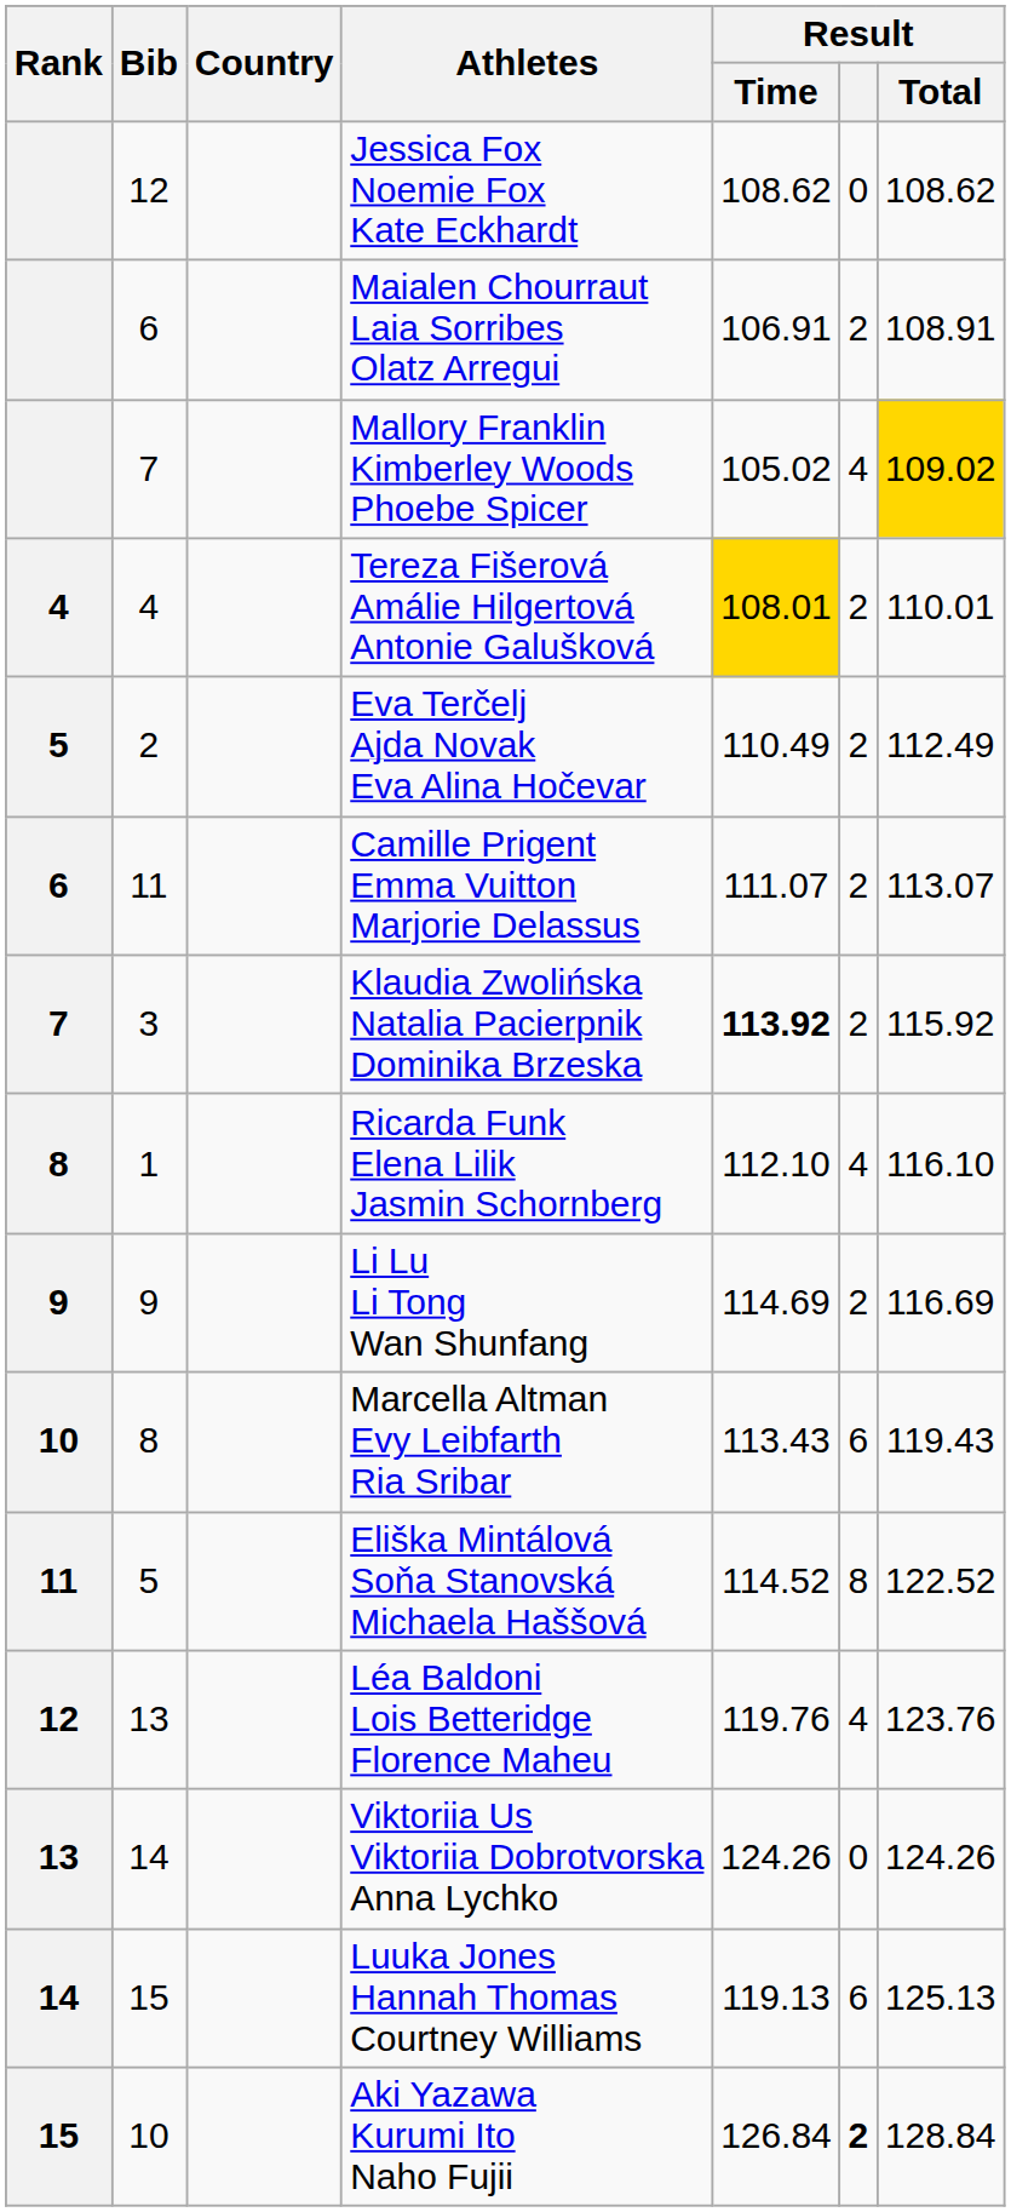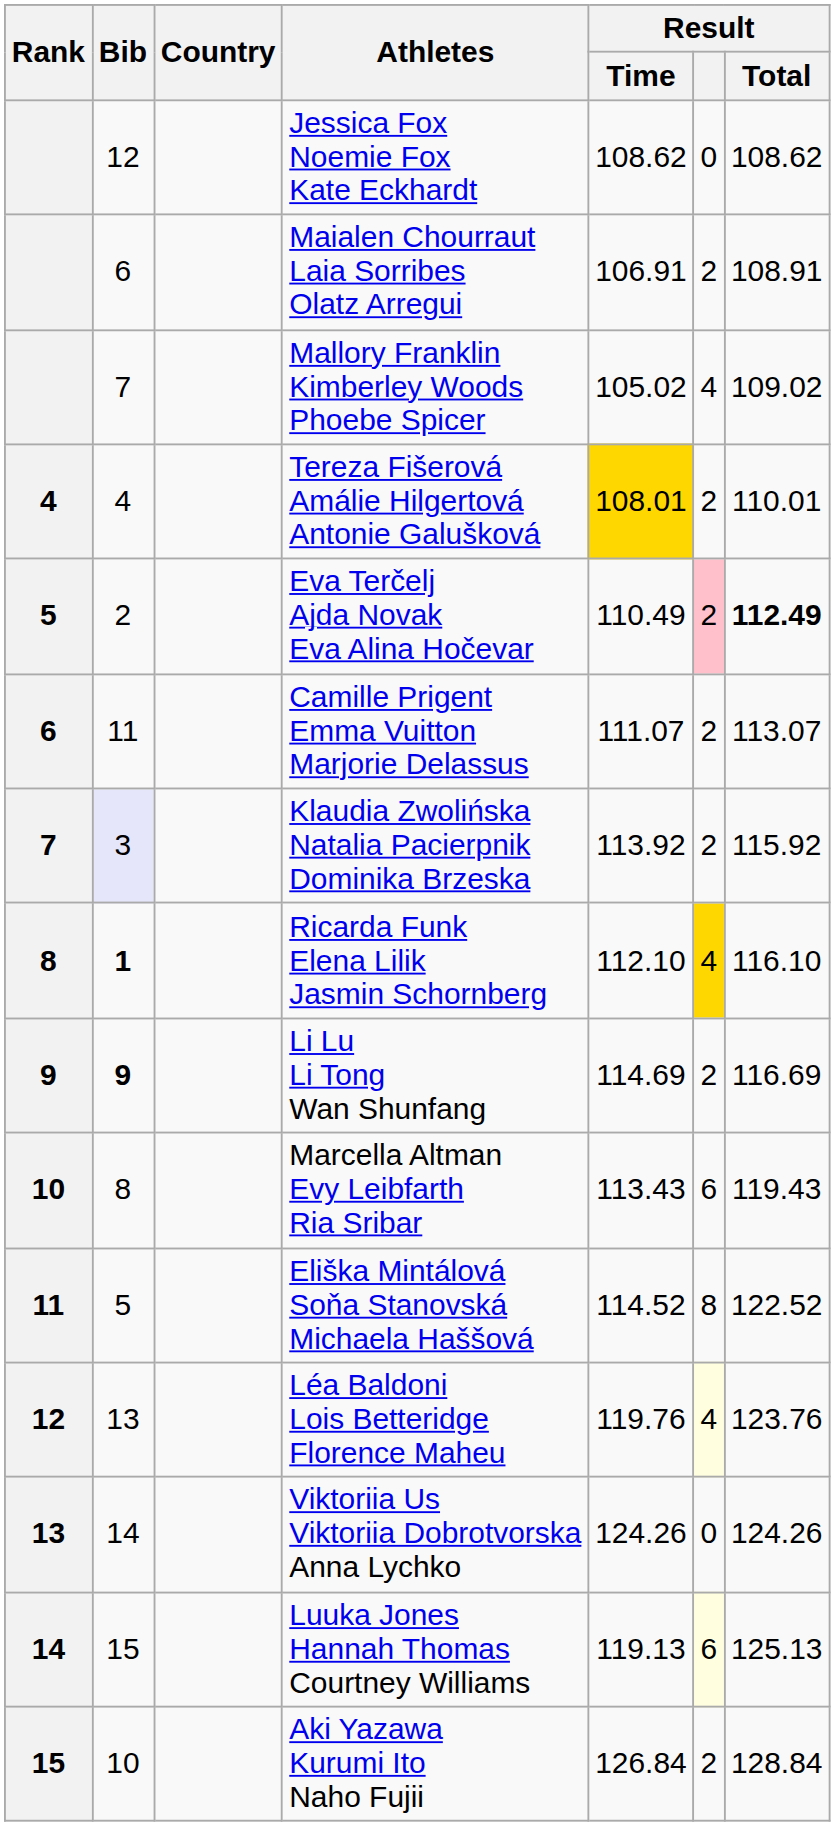 <table class="wikitable" style="text-align:center">
 <tr>
 <th rowspan=2>Rank</th>
 <th rowspan=2>Bib</th>
 <th rowspan=2>Country</th>
 <th rowspan=2>Athletes</th>
 <th colspan=3>Result</th>
 </tr>
 <tr>
 <th>Time</th>
 <th></th>
 <th>Total</th>
 </tr>
 <tr>
 <th></th>
 <td>12</td>
 <td align=left></td>
 <td align=left><a href='#'>Jessica Fox</a><br><a href='#'>Noemie Fox</a><br><a href='#'>Kate Eckhardt</a></td>
 <td>108.62</td>
 <td>0</td>
 <td>108.62</td>
 </tr>
 <tr>
 <th></th>
 <td>6</td>
 <td align=left></td>
 <td align=left><a href='#'>Maialen Chourraut</a><br><a href='#'>Laia Sorribes</a><br><a href='#'>Olatz Arregui</a></td>
 <td>106.91</td>
 <td>2</td>
 <td>108.91</td>
 </tr>
 <tr>
 <th></th>
 <td>7</td>
 <td align=left></td>
 <td align=left><a href='#'>Mallory Franklin</a><br><a href='#'>Kimberley Woods</a><br><a href='#'>Phoebe Spicer</a></td>
 <td>105.02</td>
 <td>4</td>
-<td style="background: gold;">109.02</td>
+<td>109.02</td>
 </tr>
 <tr>
 <th>4</th>
 <td>4</td>
 <td align=left></td>
 <td align=left><a href='#'>Tereza Fišerová</a><br><a href='#'>Amálie Hilgertová</a><br><a href='#'>Antonie Galušková</a></td>
 <td style="background: gold;">108.01</td>
 <td>2</td>
 <td>110.01</td>
 </tr>
 <tr>
 <th>5</th>
 <td>2</td>
 <td align=left></td>
 <td align=left><a href='#'>Eva Terčelj</a><br><a href='#'>Ajda Novak</a><br><a href='#'>Eva Alina Hočevar</a></td>
 <td>110.49</td>
-<td>2</td>
-<td>112.49</td>
+<td style="background: pink;">2</td>
+<td><strong>112.49</strong></td>
 </tr>
 <tr>
 <th>6</th>
 <td>11</td>
 <td align=left></td>
 <td align=left><a href='#'>Camille Prigent</a><br><a href='#'>Emma Vuitton</a><br><a href='#'>Marjorie Delassus</a></td>
 <td>111.07</td>
 <td>2</td>
 <td>113.07</td>
 </tr>
 <tr>
 <th>7</th>
-<td>3</td>
+<td style="background: lavender;">3</td>
 <td align=left></td>
 <td align=left><a href='#'>Klaudia Zwolińska</a><br><a href='#'>Natalia Pacierpnik</a><br><a href='#'>Dominika Brzeska</a></td>
-<td><strong>113.92</strong></td>
+<td>113.92</td>
 <td>2</td>
 <td>115.92</td>
 </tr>
 <tr>
 <th>8</th>
-<td>1</td>
+<td><strong>1</strong></td>
 <td align=left></td>
 <td align=left><a href='#'>Ricarda Funk</a><br><a href='#'>Elena Lilik</a><br><a href='#'>Jasmin Schornberg</a></td>
 <td>112.10</td>
-<td>4</td>
+<td style="background: gold;">4</td>
 <td>116.10</td>
 </tr>
 <tr>
 <th>9</th>
-<td>9</td>
+<td><strong>9</strong></td>
 <td align=left></td>
 <td align=left><a href='#'>Li Lu</a><br><a href='#'>Li Tong</a><br>Wan Shunfang</td>
 <td>114.69</td>
 <td>2</td>
 <td>116.69</td>
 </tr>
 <tr>
 <th>10</th>
 <td>8</td>
 <td align=left></td>
 <td align=left>Marcella Altman<br><a href='#'>Evy Leibfarth</a><br><a href='#'>Ria Sribar</a></td>
 <td>113.43</td>
 <td>6</td>
 <td>119.43</td>
 </tr>
 <tr>
 <th>11</th>
 <td>5</td>
 <td align=left></td>
 <td align=left><a href='#'>Eliška Mintálová</a><br><a href='#'>Soňa Stanovská</a><br><a href='#'>Michaela Haššová</a></td>
 <td>114.52</td>
 <td>8</td>
 <td>122.52</td>
 </tr>
 <tr>
 <th>12</th>
 <td>13</td>
 <td align=left></td>
 <td align=left><a href='#'>Léa Baldoni</a><br><a href='#'>Lois Betteridge</a><br><a href='#'>Florence Maheu</a></td>
 <td>119.76</td>
-<td>4</td>
+<td style="background: lightyellow;">4</td>
 <td>123.76</td>
 </tr>
 <tr>
 <th>13</th>
 <td>14</td>
 <td align=left></td>
 <td align=left><a href='#'>Viktoriia Us</a><br><a href='#'>Viktoriia Dobrotvorska</a><br>Anna Lychko</td>
 <td>124.26</td>
 <td>0</td>
 <td>124.26</td>
 </tr>
 <tr>
 <th>14</th>
 <td>15</td>
 <td align=left></td>
 <td align=left><a href='#'>Luuka Jones</a><br><a href='#'>Hannah Thomas</a><br>Courtney Williams</td>
 <td>119.13</td>
-<td>6</td>
+<td style="background: lightyellow;">6</td>
 <td>125.13</td>
 </tr>
 <tr>
 <th>15</th>
 <td>10</td>
 <td align=left></td>
 <td align=left><a href='#'>Aki Yazawa</a><br><a href='#'>Kurumi Ito</a><br>Naho Fujii</td>
 <td>126.84</td>
-<td><strong>2</strong></td>
+<td>2</td>
 <td>128.84</td>
 </tr>
 </table>
